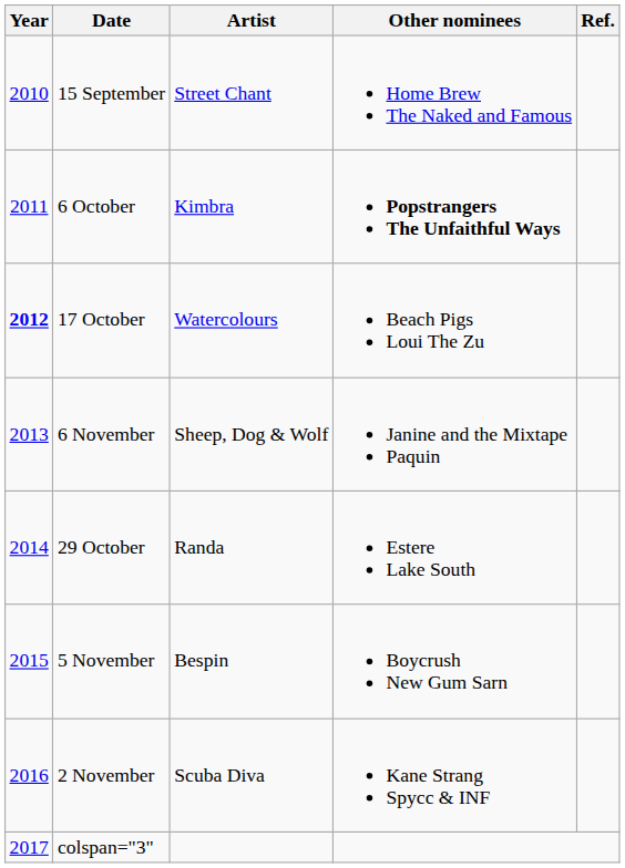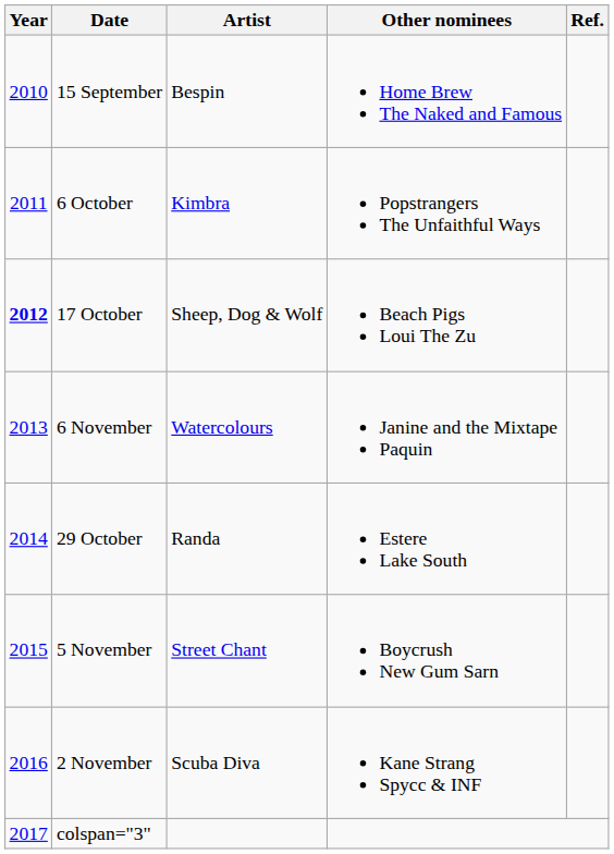 <table class="wikitable">
 <tr>
 <th>Year</th>
 <th>Date</th>
 <th>Artist</th>
 <th>Other nominees</th>
 <th>Ref.</th>
 </tr>
 <tr>
 <td align="center"><a href='#'>2010</a></td>
 <td>15 September</td>
-<td><a href='#'>Street Chant</a></td>
+<td>Bespin</td>
 <td><br><ul><li><a href='#'>Home Brew</a></li><li><a href='#'>The Naked and Famous</a></li></ul></td>
 <td align="center"></td>
 </tr>
 <tr>
 <td align="center"><a href='#'>2011</a></td>
 <td>6 October</td>
 <td><a href='#'>Kimbra</a></td>
-<td><strong><br><ul><li>Popstrangers</li><li>The Unfaithful Ways</li></ul></strong></td>
+<td><br><ul><li>Popstrangers</li><li>The Unfaithful Ways</li></ul></td>
 <td align="center"></td>
 </tr>
 <tr>
 <td align="center"><strong><a href='#'>2012</a></strong></td>
 <td>17 October</td>
-<td><a href='#'>Watercolours</a></td>
+<td>Sheep, Dog & Wolf</td>
 <td><br><ul><li>Beach Pigs</li><li>Loui The Zu</li></ul></td>
 <td align="center"></td>
 </tr>
 <tr>
 <td align="center"><a href='#'>2013</a></td>
 <td>6 November</td>
-<td>Sheep, Dog & Wolf</td>
+<td><a href='#'>Watercolours</a></td>
 <td><br><ul><li>Janine and the Mixtape</li><li>Paquin</li></ul></td>
 <td align="center"></td>
 </tr>
 <tr>
 <td align="center"><a href='#'>2014</a></td>
 <td>29 October</td>
 <td>Randa</td>
 <td><br><ul><li>Estere</li><li>Lake South</li></ul></td>
 <td align="center"></td>
 </tr>
 <tr>
 <td align="center"><a href='#'>2015</a></td>
 <td>5 November</td>
-<td>Bespin</td>
+<td><a href='#'>Street Chant</a></td>
 <td><br><ul><li>Boycrush</li><li>New Gum Sarn</li></ul></td>
 <td align="center"></td>
 </tr>
 <tr>
 <td align="center"><a href='#'>2016</a></td>
 <td>2 November</td>
 <td>Scuba Diva</td>
 <td><br><ul><li>Kane Strang</li><li>Spycc & INF</li></ul></td>
 <td align="center"></td>
 </tr>
 <tr>
 <td align="center"><a href='#'>2017</a></td>
 <td>colspan="3" </td>
 <td align="center"></td>
 </tr>
 </table>
